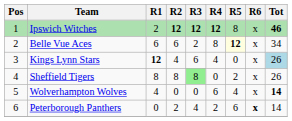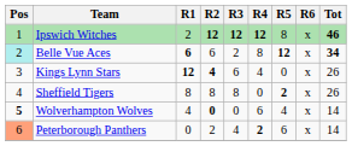 <table class=wikitable width="450">
 <tr>
 <th>Pos</th>
 <th>Team</th>
 <th>R1</th>
 <th>R2</th>
 <th>R3</th>
 <th>R4</th>
 <th>R5</th>
 <th>R6</th>
 <th>Tot</th>
 </tr>
 <tr style="background:#ACE1AF;">
 <td align="center">1</td>
 <td><a href='#'>Ipswich Witches</a></td>
 <td align="center">2</td>
 <td align="center"><span><strong>12</strong></span></td>
 <td align="center"><strong>12</strong></td>
 <td align="center"><strong>12</strong></td>
 <td align="center">8</td>
 <td align="center">x</td>
 <td align="center"><strong>46</strong></td>
 </tr>
 <tr>
-<td align="center">2</td>
+<td align="center" style="background: paleturquoise;">2</td>
 <td><a href='#'>Belle Vue Aces</a></td>
-<td align="center">6</td>
+<td align="center"><strong>6</strong></td>
 <td align="center">6</td>
 <td align="center">2</td>
 <td align="center">8</td>
-<td align="center" style="background: lightyellow;"><span><strong>12</strong></span></td>
+<td align="center"><span><strong>12</strong></span></td>
 <td align="center">x</td>
-<td align="center">34</td>
+<td align="center"><strong>34</strong></td>
 </tr>
 <tr>
 <td align="center">3</td>
 <td><a href='#'>Kings Lynn Stars</a></td>
 <td align="center"><strong>12</strong></td>
-<td align="center">4</td>
+<td align="center"><strong>4</strong></td>
 <td align="center"><span>6</span></td>
 <td align="center">4</td>
 <td align="center">0</td>
 <td align="center">x</td>
-<td align="center" style="background: lightblue;">26</td>
+<td align="center">26</td>
 </tr>
 <tr>
 <td align="center">4</td>
 <td><a href='#'>Sheffield Tigers</a></td>
 <td align="center">8</td>
 <td align="center">8</td>
-<td align="center" style="background: lightgreen;">8</td>
+<td align="center">8</td>
 <td align="center">0</td>
-<td align="center">2</td>
+<td align="center"><strong>2</strong></td>
 <td align="center"><span>x</span></td>
 <td align="center">26</td>
 </tr>
 <tr>
-<td align="center">5</td>
+<td align="center"><strong>5</strong></td>
 <td><a href='#'>Wolverhampton Wolves</a></td>
 <td align="center">4</td>
-<td align="center">0</td>
+<td align="center"><strong>0</strong></td>
 <td align="center">0</td>
 <td align="center"><span>6</span></td>
 <td align="center">4</td>
 <td align="center">x</td>
-<td align="center"><strong>14</strong></td>
+<td align="center">14</td>
 </tr>
 <tr>
-<td align="center">6</td>
+<td align="center" style="background: lightsalmon;">6</td>
 <td><a href='#'>Peterborough Panthers</a></td>
 <td align="center"><span>0</span></td>
 <td align="center">2</td>
 <td align="center">4</td>
-<td align="center">2</td>
+<td align="center"><strong>2</strong></td>
 <td align="center">6</td>
-<td align="center"><strong>x</strong></td>
+<td align="center">x</td>
 <td align="center">14</td>
 </tr>
 <tr>
 </tr>
 </table>
